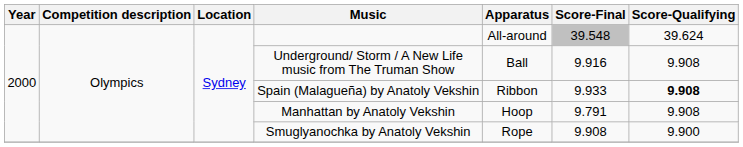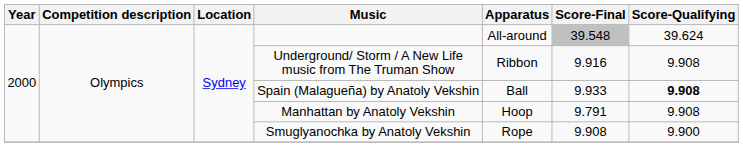 <table class="wikitable" style="text-align:center">
 <tr>
 <th>Year</th>
 <th>Competition description</th>
 <th>Location</th>
 <th>Music</th>
 <th>Apparatus</th>
 <th>Score-Final</th>
 <th>Score-Qualifying</th>
 </tr>
 <tr>
 <td rowspan="5">2000</td>
 <td rowspan="5">Olympics</td>
 <td rowspan="5"><a href='#'>Sydney</a></td>
 <td></td>
 <td>All-around</td>
 <td bgcolor="silver">39.548</td>
 <td>39.624</td>
 </tr>
 <tr>
 <td>Underground/ Storm / A New Life <br> music from The Truman Show</td>
-<td>Ball</td>
+<td>Ribbon</td>
 <td>9.916</td>
 <td>9.908</td>
 </tr>
 <tr>
 <td>Spain (Malagueña) by Anatoly Vekshin</td>
-<td>Ribbon</td>
+<td>Ball</td>
 <td>9.933</td>
 <td><strong>9.908</strong></td>
 </tr>
 <tr>
 <td>Manhattan by Anatoly Vekshin</td>
 <td>Hoop</td>
 <td>9.791</td>
 <td>9.908</td>
 </tr>
 <tr>
 <td>Smuglyanochka by Anatoly Vekshin</td>
 <td>Rope</td>
 <td>9.908</td>
 <td>9.900</td>
 </tr>
 <tr>
 </tr>
 </table>
